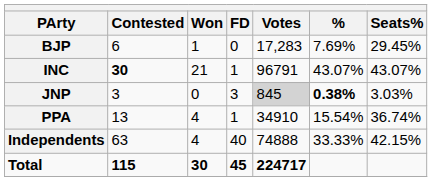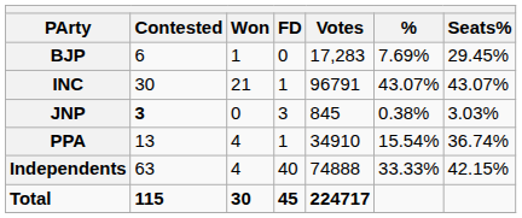 <table class="wikitable">
 <tr>
 <th colspan=7></th>
 </tr>
 <tr>
 <th>PArty </th>
 <th>Contested</th>
 <th>Won</th>
 <th>FD</th>
 <th>Votes</th>
 <th>%</th>
 <th>Seats%</th>
 </tr>
 <tr>
 <th>BJP</th>
 <td>6</td>
 <td>1</td>
 <td>0</td>
 <td>17,283</td>
 <td>7.69%</td>
 <td>29.45%</td>
 </tr>
 <tr>
 <th>INC</th>
-<td><strong>30</strong></td>
+<td>30</td>
 <td>21</td>
 <td>1</td>
 <td>96791</td>
 <td>43.07%</td>
 <td>43.07%</td>
 </tr>
 <tr>
 <th>JNP</th>
-<td>3</td>
+<td><strong>3</strong></td>
 <td>0</td>
 <td>3</td>
-<td style="background: lightgrey;">845</td>
-<td><strong>0.38%</strong></td>
+<td>845</td>
+<td>0.38%</td>
 <td>3.03%</td>
 </tr>
 <tr>
 <th>PPA</th>
 <td>13</td>
 <td>4</td>
 <td>1</td>
 <td>34910</td>
 <td>15.54%</td>
 <td>36.74%</td>
 </tr>
 <tr>
 <th>Independents</th>
 <td>63</td>
 <td>4</td>
 <td>40</td>
 <td>74888</td>
 <td>33.33%</td>
 <td>42.15%</td>
 </tr>
 <tr>
 <td><strong>Total</strong></td>
 <td><strong>115</strong></td>
 <td><strong>30</strong></td>
 <td><strong>45</strong></td>
 <td><strong>224717</strong></td>
 <td></td>
 <td></td>
 </tr>
 <tr>
 </tr>
 </table>
